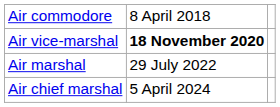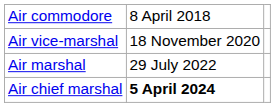 <table class="wikitable" style="background:white">
 <tr>
 <td><a href='#'>Air commodore</a></td>
 <td>8 April 2018</td>
 <td></td>
 </tr>
 <tr>
 <td><a href='#'>Air vice-marshal</a></td>
-<td><strong>18 November 2020</strong></td>
+<td>18 November 2020</td>
 <td></td>
 </tr>
 <tr>
 <td><a href='#'>Air marshal</a></td>
 <td>29 July 2022</td>
 <td></td>
 </tr>
 <tr>
 <td><a href='#'>Air chief marshal</a></td>
-<td>5 April 2024</td>
+<td><strong>5 April 2024</strong></td>
 <td></td>
 </tr>
 </table>
